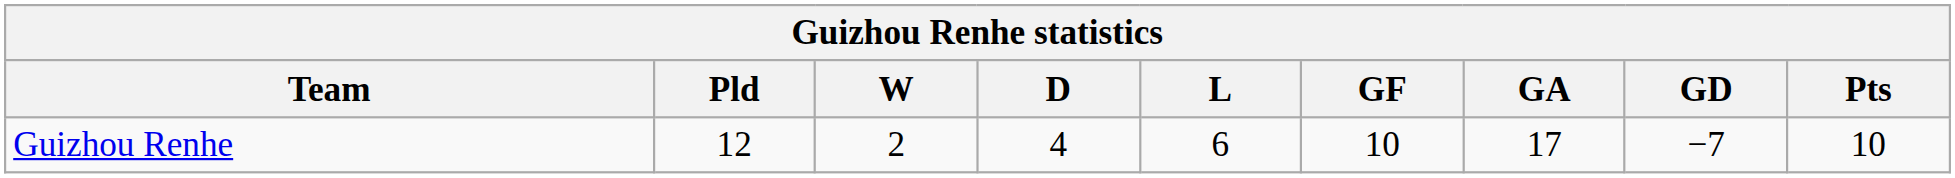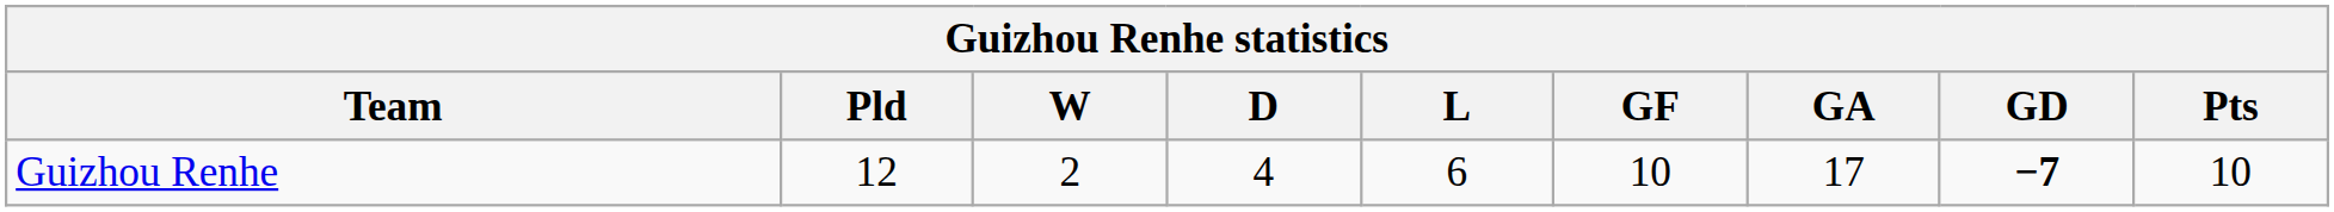 <table width=70% class="wikitable" style="text-align:">
 <tr>
 <th colspan=9>Guizhou Renhe statistics</th>
 </tr>
 <tr>
 <th width=20%>Team</th>
 <th width=5%>Pld</th>
 <th width=5%>W</th>
 <th width=5%>D</th>
 <th width=5%>L</th>
 <th width=5%>GF</th>
 <th width=5%>GA</th>
 <th width=5%>GD</th>
 <th width=5%>Pts</th>
 </tr>
 <tr align=center>
 <td align=left> <a href='#'>Guizhou Renhe</a></td>
 <td>12</td>
 <td>2</td>
 <td>4</td>
 <td>6</td>
 <td>10</td>
 <td>17</td>
-<td>−7</td>
+<td><strong>−7</strong></td>
 <td>10</td>
 </tr>
 </table>
